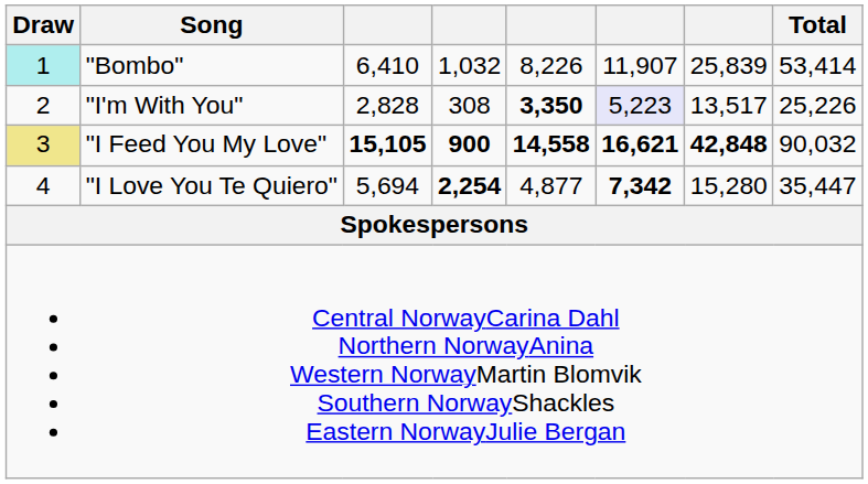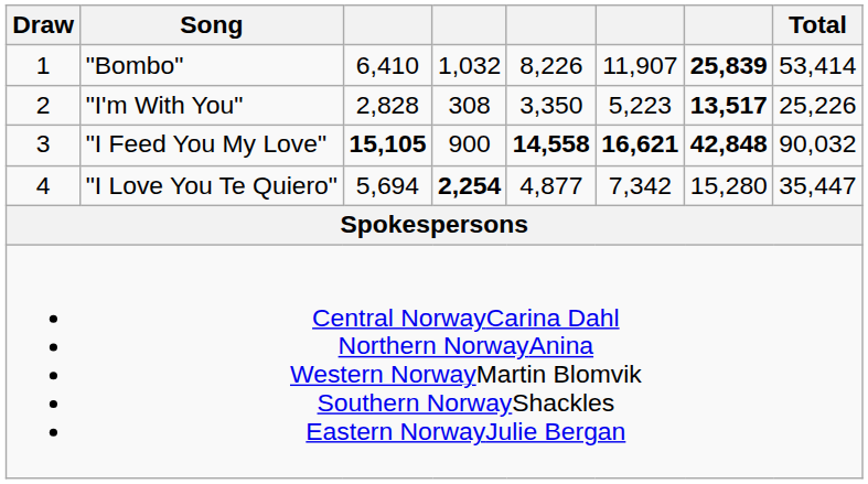 <table class="wikitable collapsible" style="margin: 1em auto 1em auto; text-align:center;">
 <tr>
 <th>Draw</th>
 <th>Song</th>
 <th><abbr></abbr></th>
 <th><abbr></abbr></th>
 <th><abbr></abbr></th>
 <th><abbr></abbr></th>
 <th><abbr></abbr></th>
 <th>Total</th>
 </tr>
 <tr>
-<td style="background: paleturquoise;">1</td>
+<td>1</td>
 <td align=left>"Bombo"</td>
 <td>6,410</td>
 <td>1,032</td>
 <td>8,226</td>
 <td>11,907</td>
-<td>25,839</td>
+<td><strong>25,839</strong></td>
 <td>53,414</td>
 </tr>
 <tr>
 <td>2</td>
 <td align=left>"I'm With You"</td>
 <td>2,828</td>
 <td>308</td>
-<td><strong>3,350</strong></td>
-<td style="background: lavender;">5,223</td>
-<td>13,517</td>
+<td>3,350</td>
+<td>5,223</td>
+<td><strong>13,517</strong></td>
 <td>25,226</td>
 </tr>
 <tr>
-<td style="background: khaki;">3</td>
+<td>3</td>
 <td align=left>"I Feed You My Love"</td>
 <td><strong>15,105</strong></td>
-<td><strong>900</strong></td>
+<td>900</td>
 <td><strong>14,558</strong></td>
 <td><strong>16,621</strong></td>
 <td><strong>42,848</strong></td>
 <td>90,032</td>
 </tr>
 <tr>
 <td>4</td>
 <td align=left>"I Love You Te Quiero"</td>
 <td>5,694</td>
 <td><strong>2,254</strong></td>
 <td>4,877</td>
-<td><strong>7,342</strong></td>
+<td>7,342</td>
 <td>15,280</td>
 <td>35,447</td>
 </tr>
 <tr>
 <th colspan="8">Spokespersons</th>
 </tr>
 <tr>
 <td colspan="8"><br><ul><li><a href='#'>Central Norway</a><a href='#'>Carina Dahl</a></li><li><a href='#'>Northern Norway</a><a href='#'>Anina</a></li><li><a href='#'>Western Norway</a>Martin Blomvik</li><li><a href='#'>Southern Norway</a>Shackles</li><li><a href='#'>Eastern Norway</a><a href='#'>Julie Bergan</a></li></ul></td>
 </tr>
 </table>
